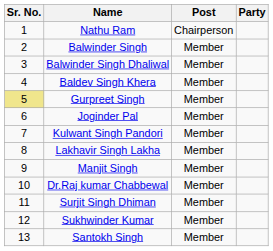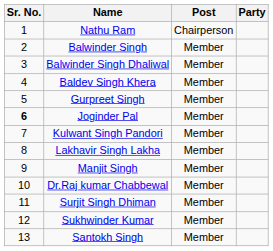 <table class="wikitable">
 <tr>
 <th>Sr. No.</th>
 <th>Name</th>
 <th>Post</th>
 <th colspan="2">Party</th>
 </tr>
 <tr align="center">
 <td>1</td>
 <td><a href='#'>Nathu Ram</a></td>
 <td>Chairperson</td>
 <td></td>
 </tr>
 <tr align="center">
 <td>2</td>
 <td><a href='#'>Balwinder Singh</a></td>
 <td>Member</td>
 <td></td>
 </tr>
 <tr align="center">
 <td>3</td>
 <td><a href='#'>Balwinder Singh Dhaliwal</a></td>
 <td>Member</td>
 <td></td>
 </tr>
 <tr align="center">
 <td>4</td>
 <td><a href='#'>Baldev Singh Khera</a></td>
 <td>Member</td>
 <td></td>
 </tr>
 <tr align="center">
-<td style="background: khaki;">5</td>
+<td>5</td>
 <td><a href='#'>Gurpreet Singh</a></td>
 <td>Member</td>
 <td></td>
 </tr>
 <tr align="center">
-<td>6</td>
+<td><strong>6</strong></td>
 <td><a href='#'>Joginder Pal</a></td>
 <td>Member</td>
 <td></td>
 </tr>
 <tr align="center">
 <td>7</td>
 <td><a href='#'>Kulwant Singh Pandori</a></td>
 <td>Member</td>
 <td></td>
 </tr>
 <tr align="center">
 <td>8</td>
 <td><a href='#'>Lakhavir Singh Lakha</a></td>
 <td>Member</td>
 <td></td>
 </tr>
 <tr align="center">
 <td>9</td>
 <td><a href='#'>Manjit Singh</a></td>
 <td>Member</td>
 <td></td>
 </tr>
 <tr align="center">
 <td>10</td>
 <td><a href='#'>Dr.Raj kumar Chabbewal</a></td>
 <td>Member</td>
 <td></td>
 </tr>
 <tr align="center">
 <td>11</td>
 <td><a href='#'>Surjit Singh Dhiman</a></td>
 <td>Member</td>
 <td></td>
 </tr>
 <tr align="center">
 <td>12</td>
 <td><a href='#'>Sukhwinder Kumar</a></td>
 <td>Member</td>
 <td></td>
 </tr>
 <tr align="center">
 <td>13</td>
 <td><a href='#'>Santokh Singh</a></td>
 <td>Member</td>
 <td></td>
 </tr>
 </table>
